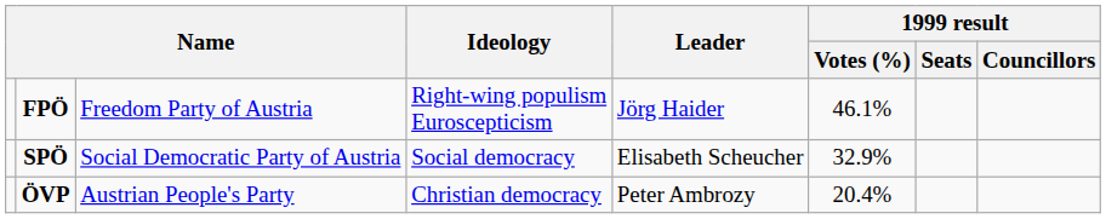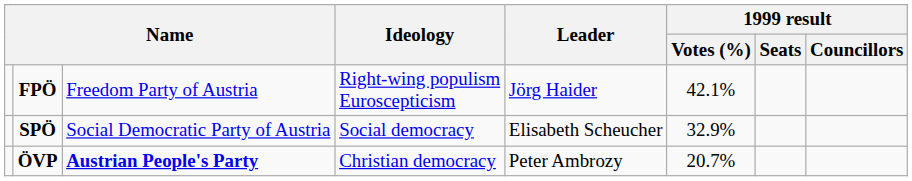 <table class="wikitable">
 <tr>
 <th rowspan="2" colspan="3">Name</th>
 <th rowspan="2">Ideology</th>
 <th rowspan="2">Leader</th>
 <th colspan="3">1999 result</th>
 </tr>
 <tr>
 <th>Votes (%)</th>
 <th>Seats</th>
 <th>Councillors</th>
 </tr>
 <tr>
 <td style="background:"></td>
 <td style="text-align:center;"><strong>FPÖ</strong></td>
 <td><a href='#'>Freedom Party of Austria</a><br></td>
 <td><a href='#'>Right-wing populism</a><br><a href='#'>Euroscepticism</a></td>
 <td><a href='#'>Jörg Haider</a></td>
-<td style="text-align:center;">46.1%</td>
+<td style="text-align:center;">42.1%</td>
 <td></td>
 <td></td>
 </tr>
 <tr>
 <td style="background:"></td>
 <td style="text-align:center;"><strong>SPÖ</strong></td>
 <td><a href='#'>Social Democratic Party of Austria</a><br></td>
 <td><a href='#'>Social democracy</a></td>
 <td>Elisabeth Scheucher</td>
 <td style="text-align:center;">32.9%</td>
 <td></td>
 <td></td>
 </tr>
 <tr>
 <td style="background:"></td>
 <td style="text-align:center;"><strong>ÖVP</strong></td>
-<td><a href='#'>Austrian People's Party</a><br></td>
+<td><strong><a href='#'>Austrian People's Party</a><br></strong></td>
 <td><a href='#'>Christian democracy</a></td>
 <td>Peter Ambrozy</td>
-<td style="text-align:center;">20.4%</td>
+<td style="text-align:center;">20.7%</td>
 <td></td>
 <td></td>
 </tr>
 </table>
